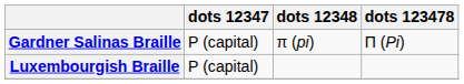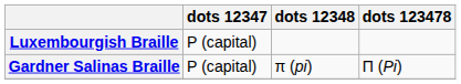 <table class="wikitable">
 <tr>
 <th></th>
 <th>dots 12347</th>
 <th>dots 12348</th>
 <th>dots 123478</th>
 </tr>
 <tr>
+<th align=left><a href='#'>Luxembourgish Braille</a></th>
+<td>P (capital)</td>
+<td></td>
+<td></td>
+</tr>
+<tr>
 <th align=left><a href='#'>Gardner Salinas Braille</a></th>
 <td>P (capital)</td>
 <td>π (<em>pi</em>)</td>
 <td>Π (<em>Pi</em>)</td>
 </tr>
 <tr>
-<th align=left><a href='#'>Luxembourgish Braille</a></th>
-<td>P (capital)</td>
-<td></td>
-<td></td>
-</tr>
-<tr>
 </tr>
 </table>
